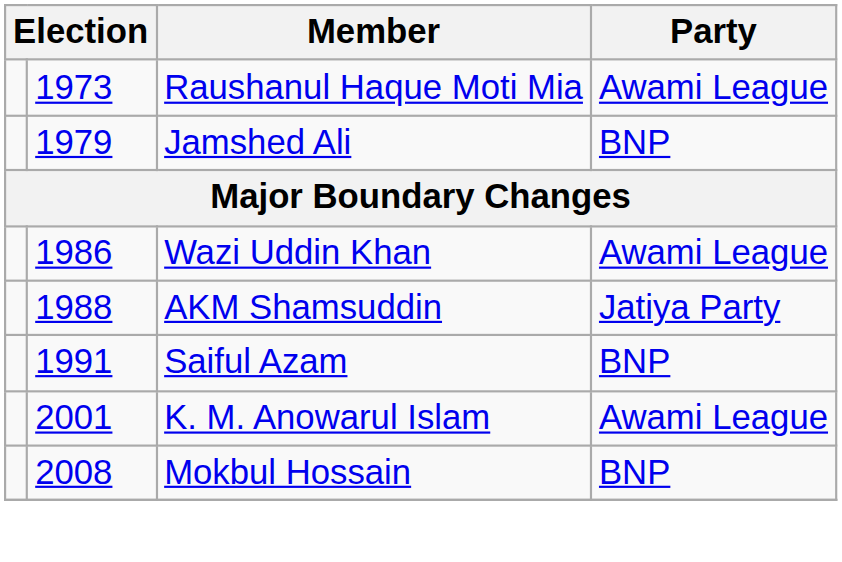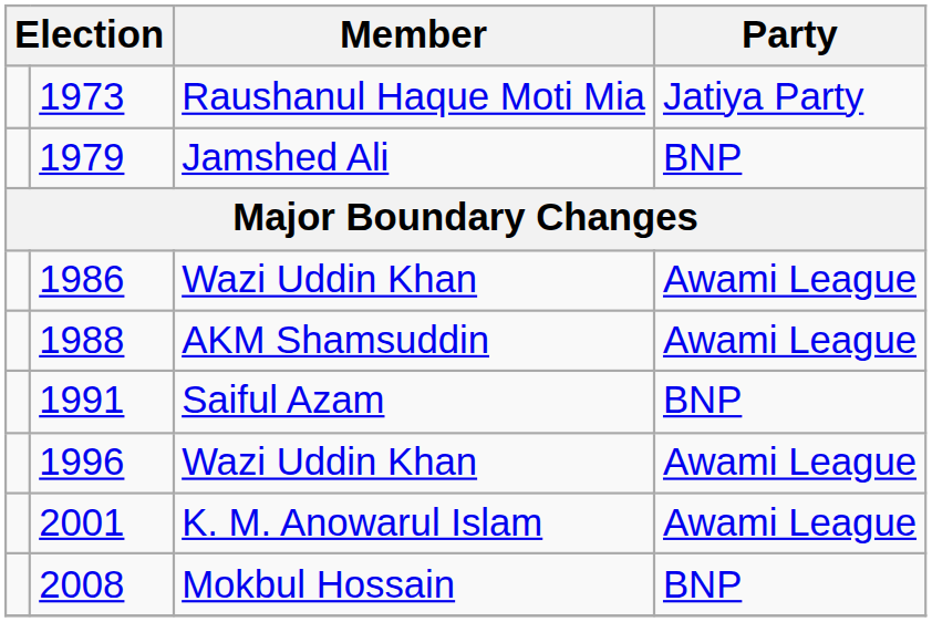 <table class="wikitable">
 <tr>
 <th colspan="2">Election</th>
 <th>Member</th>
 <th>Party</th>
 </tr>
 <tr>
 <td style="background-color:"></td>
 <td><a href='#'>1973</a></td>
 <td><a href='#'>Raushanul Haque Moti Mia</a></td>
-<td><a href='#'>Awami League</a></td>
+<td><a href='#'>Jatiya Party</a></td>
 </tr>
 <tr>
 <td style="background-color:"></td>
 <td><a href='#'>1979</a></td>
 <td><a href='#'>Jamshed Ali</a></td>
 <td><a href='#'>BNP</a></td>
 </tr>
 <tr>
 <th colspan="4">Major Boundary Changes</th>
 </tr>
 <tr>
 <td style="background-color:"></td>
 <td><a href='#'>1986</a></td>
 <td><a href='#'>Wazi Uddin Khan</a></td>
 <td><a href='#'>Awami League</a></td>
 </tr>
 <tr>
 <td style="background-color:"></td>
 <td><a href='#'>1988</a></td>
 <td><a href='#'>AKM Shamsuddin</a></td>
-<td><a href='#'>Jatiya Party</a></td>
+<td><a href='#'>Awami League</a></td>
 </tr>
 <tr>
 <td style="background-color:"></td>
 <td><a href='#'>1991</a></td>
 <td><a href='#'>Saiful Azam</a></td>
 <td><a href='#'>BNP</a></td>
+</tr>
+<tr>
+<td style="background-color:"></td>
+<td><a href='#'>1996</a></td>
+<td><a href='#'>Wazi Uddin Khan</a></td>
+<td><a href='#'>Awami League</a></td>
 </tr>
 <tr>
 <td style="background-color:"></td>
 <td><a href='#'>2001</a></td>
 <td><a href='#'>K. M. Anowarul Islam</a></td>
 <td><a href='#'>Awami League</a></td>
 </tr>
 <tr>
 <td style="background-color:"></td>
 <td><a href='#'>2008</a></td>
 <td><a href='#'>Mokbul Hossain</a></td>
 <td><a href='#'>BNP</a></td>
 </tr>
 <tr>
 </tr>
 </table>
